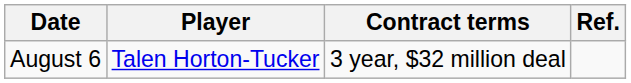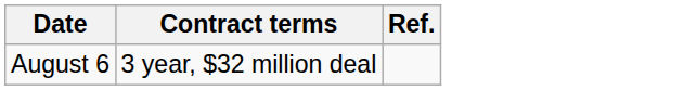 <table class="wikitable sortable sortable" style="text-align: center">
 <tr>
 <th>Date</th>
-<th>Player</th>
 <th>Contract terms</th>
 <th>Ref.</th>
 </tr>
 <tr>
 <td>August 6</td>
-<td><a href='#'>Talen Horton-Tucker</a></td>
 <td>3 year, $32 million deal</td>
 <td></td>
 </tr>
 </table>
